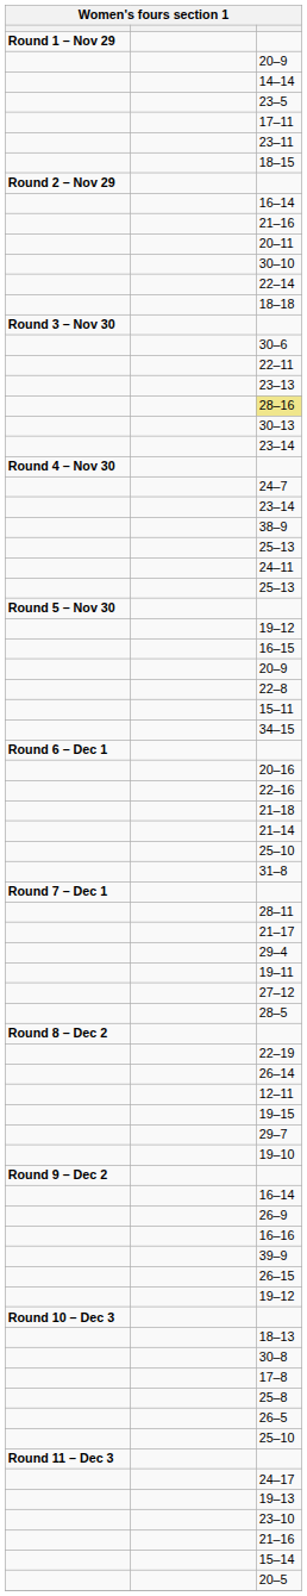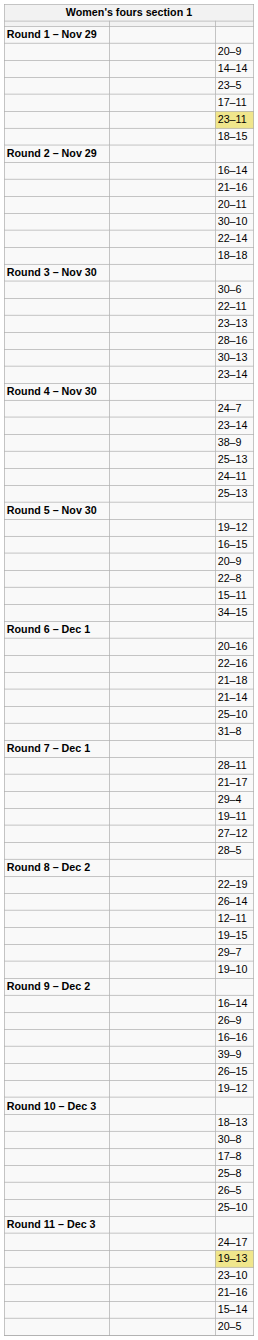 <table class="wikitable">
 <tr>
 <th colspan="3">Women's fours section 1</th>
 </tr>
 <tr>
 <th width=150></th>
 <th width=150></th>
 <th width=50></th>
 </tr>
 <tr>
 <td><strong>Round 1 – Nov 29</strong></td>
 <td></td>
 <td></td>
 </tr>
 <tr>
 <td></td>
 <td></td>
 <td>20–9</td>
 </tr>
 <tr>
 <td></td>
 <td></td>
 <td>14–14</td>
 </tr>
 <tr>
 <td></td>
 <td></td>
 <td>23–5</td>
 </tr>
 <tr>
 <td></td>
 <td></td>
 <td>17–11</td>
 </tr>
 <tr>
 <td></td>
 <td></td>
-<td>23–11</td>
+<td style="background: khaki;">23–11</td>
 </tr>
 <tr>
 <td></td>
 <td></td>
 <td>18–15</td>
 </tr>
 <tr>
 <td><strong>Round 2 – Nov 29</strong></td>
 <td></td>
 <td></td>
 </tr>
 <tr>
 <td></td>
 <td></td>
 <td>16–14</td>
 </tr>
 <tr>
 <td></td>
 <td></td>
 <td>21–16</td>
 </tr>
 <tr>
 <td></td>
 <td></td>
 <td>20–11</td>
 </tr>
 <tr>
 <td></td>
 <td></td>
 <td>30–10</td>
 </tr>
 <tr>
 <td></td>
 <td></td>
 <td>22–14</td>
 </tr>
 <tr>
 <td></td>
 <td></td>
 <td>18–18</td>
 </tr>
 <tr>
 <td><strong>Round 3 – Nov 30</strong></td>
 <td></td>
 <td></td>
 </tr>
 <tr>
 <td></td>
 <td></td>
 <td>30–6</td>
 </tr>
 <tr>
 <td></td>
 <td></td>
 <td>22–11</td>
 </tr>
 <tr>
 <td></td>
 <td></td>
 <td>23–13</td>
 </tr>
 <tr>
 <td></td>
 <td></td>
-<td style="background: khaki;">28–16</td>
+<td>28–16</td>
 </tr>
 <tr>
 <td></td>
 <td></td>
 <td>30–13</td>
 </tr>
 <tr>
 <td></td>
 <td></td>
 <td>23–14</td>
 </tr>
 <tr>
 <td><strong>Round 4 – Nov 30</strong></td>
 <td></td>
 <td></td>
 </tr>
 <tr>
 <td></td>
 <td></td>
 <td>24–7</td>
 </tr>
 <tr>
 <td></td>
 <td></td>
 <td>23–14</td>
 </tr>
 <tr>
 <td></td>
 <td></td>
 <td>38–9</td>
 </tr>
 <tr>
 <td></td>
 <td></td>
 <td>25–13</td>
 </tr>
 <tr>
 <td></td>
 <td></td>
 <td>24–11</td>
 </tr>
 <tr>
 <td></td>
 <td></td>
 <td>25–13</td>
 </tr>
 <tr>
 <td><strong>Round 5 – Nov 30</strong></td>
 <td></td>
 <td></td>
 </tr>
 <tr>
 <td></td>
 <td></td>
 <td>19–12</td>
 </tr>
 <tr>
 <td></td>
 <td></td>
 <td>16–15</td>
 </tr>
 <tr>
 <td></td>
 <td></td>
 <td>20–9</td>
 </tr>
 <tr>
 <td></td>
 <td></td>
 <td>22–8</td>
 </tr>
 <tr>
 <td></td>
 <td></td>
 <td>15–11</td>
 </tr>
 <tr>
 <td></td>
 <td></td>
 <td>34–15</td>
 </tr>
 <tr>
 <td><strong>Round 6  – Dec 1</strong></td>
 <td></td>
 <td></td>
 </tr>
 <tr>
 <td></td>
 <td></td>
 <td>20–16</td>
 </tr>
 <tr>
 <td></td>
 <td></td>
 <td>22–16</td>
 </tr>
 <tr>
 <td></td>
 <td></td>
 <td>21–18</td>
 </tr>
 <tr>
 <td></td>
 <td></td>
 <td>21–14</td>
 </tr>
 <tr>
 <td></td>
 <td></td>
 <td>25–10</td>
 </tr>
 <tr>
 <td></td>
 <td></td>
 <td>31–8</td>
 </tr>
 <tr>
 <td><strong>Round 7 – Dec 1</strong></td>
 <td></td>
 <td></td>
 </tr>
 <tr>
 <td></td>
 <td></td>
 <td>28–11</td>
 </tr>
 <tr>
 <td></td>
 <td></td>
 <td>21–17</td>
 </tr>
 <tr>
 <td></td>
 <td></td>
 <td>29–4</td>
 </tr>
 <tr>
 <td></td>
 <td></td>
 <td>19–11</td>
 </tr>
 <tr>
 <td></td>
 <td></td>
 <td>27–12</td>
 </tr>
 <tr>
 <td></td>
 <td></td>
 <td>28–5</td>
 </tr>
 <tr>
 <td><strong>Round 8 – Dec 2</strong></td>
 <td></td>
 <td></td>
 </tr>
 <tr>
 <td></td>
 <td></td>
 <td>22–19</td>
 </tr>
 <tr>
 <td></td>
 <td></td>
 <td>26–14</td>
 </tr>
 <tr>
 <td></td>
 <td></td>
 <td>12–11</td>
 </tr>
 <tr>
 <td></td>
 <td></td>
 <td>19–15</td>
 </tr>
 <tr>
 <td></td>
 <td></td>
 <td>29–7</td>
 </tr>
 <tr>
 <td></td>
 <td></td>
 <td>19–10</td>
 </tr>
 <tr>
 <td><strong>Round 9 – Dec 2</strong></td>
 <td></td>
 <td></td>
 </tr>
 <tr>
 <td></td>
 <td></td>
 <td>16–14</td>
 </tr>
 <tr>
 <td></td>
 <td></td>
 <td>26–9</td>
 </tr>
 <tr>
 <td></td>
 <td></td>
 <td>16–16</td>
 </tr>
 <tr>
 <td></td>
 <td></td>
 <td>39–9</td>
 </tr>
 <tr>
 <td></td>
 <td></td>
 <td>26–15</td>
 </tr>
 <tr>
 <td></td>
 <td></td>
 <td>19–12</td>
 </tr>
 <tr>
 <td><strong>Round 10 – Dec 3</strong></td>
 <td></td>
 <td></td>
 </tr>
 <tr>
 <td></td>
 <td></td>
 <td>18–13</td>
 </tr>
 <tr>
 <td></td>
 <td></td>
 <td>30–8</td>
 </tr>
 <tr>
 <td></td>
 <td></td>
 <td>17–8</td>
 </tr>
 <tr>
 <td></td>
 <td></td>
 <td>25–8</td>
 </tr>
 <tr>
 <td></td>
 <td></td>
 <td>26–5</td>
 </tr>
 <tr>
 <td></td>
 <td></td>
 <td>25–10</td>
 </tr>
 <tr>
 <td><strong>Round 11 – Dec 3</strong></td>
 <td></td>
 <td></td>
 </tr>
 <tr>
 <td></td>
 <td></td>
 <td>24–17</td>
 </tr>
 <tr>
 <td></td>
 <td></td>
-<td>19–13</td>
+<td style="background: khaki;">19–13</td>
 </tr>
 <tr>
 <td></td>
 <td></td>
 <td>23–10</td>
 </tr>
 <tr>
 <td></td>
 <td></td>
 <td>21–16</td>
 </tr>
 <tr>
 <td></td>
 <td></td>
 <td>15–14</td>
 </tr>
 <tr>
 <td></td>
 <td></td>
 <td>20–5</td>
 </tr>
 <tr>
 </tr>
 </table>
